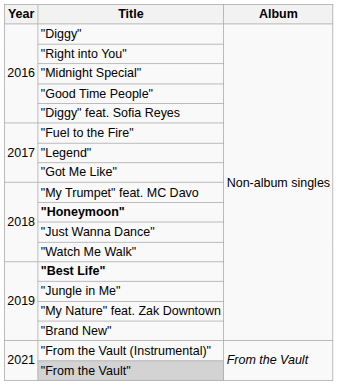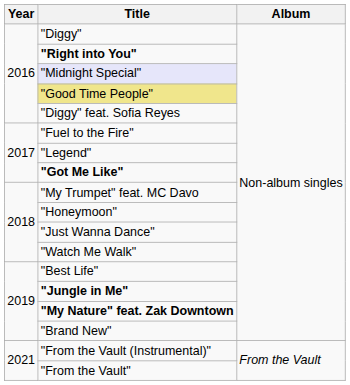 <table class="wikitable">
 <tr>
 <th>Year</th>
 <th>Title</th>
 <th>Album</th>
 </tr>
 <tr>
 <td rowspan="5">2016</td>
 <td>"Diggy"</td>
 <td rowspan="16">Non-album singles</td>
 </tr>
 <tr>
-<td>"Right into You"</td>
+<td><strong>"Right into You"</strong></td>
 </tr>
 <tr>
-<td>"Midnight Special"</td>
+<td style="background: lavender;">"Midnight Special"</td>
 </tr>
 <tr>
-<td>"Good Time People"</td>
+<td style="background: khaki;">"Good Time People"</td>
 </tr>
 <tr>
 <td>"Diggy" feat. Sofia Reyes</td>
 </tr>
 <tr>
 <td rowspan="3">2017</td>
 <td>"Fuel to the Fire"</td>
 </tr>
 <tr>
 <td>"Legend"</td>
 </tr>
 <tr>
-<td>"Got Me Like"</td>
+<td><strong>"Got Me Like"</strong></td>
 </tr>
 <tr>
 <td rowspan="4">2018</td>
 <td>"My Trumpet" feat. MC Davo</td>
 </tr>
 <tr>
-<td><strong>"Honeymoon"</strong></td>
+<td>"Honeymoon"</td>
 </tr>
 <tr>
 <td>"Just Wanna Dance"</td>
 </tr>
 <tr>
 <td>"Watch Me Walk"</td>
 </tr>
 <tr>
 <td rowspan="4">2019</td>
-<td><strong>"Best Life"</strong></td>
+<td>"Best Life"</td>
 </tr>
 <tr>
-<td>"Jungle in Me"</td>
+<td><strong>"Jungle in Me"</strong></td>
 </tr>
 <tr>
-<td>"My Nature" feat. Zak Downtown</td>
+<td><strong>"My Nature" feat. Zak Downtown</strong></td>
 </tr>
 <tr>
 <td>"Brand New"</td>
 </tr>
 <tr>
 <td rowspan="2">2021</td>
 <td>"From the Vault (Instrumental)"</td>
 <td rowspan="2"><em>From the Vault</em></td>
 </tr>
 <tr>
-<td style="background: lightgrey;">"From the Vault"</td>
+<td>"From the Vault"</td>
 </tr>
 </table>
